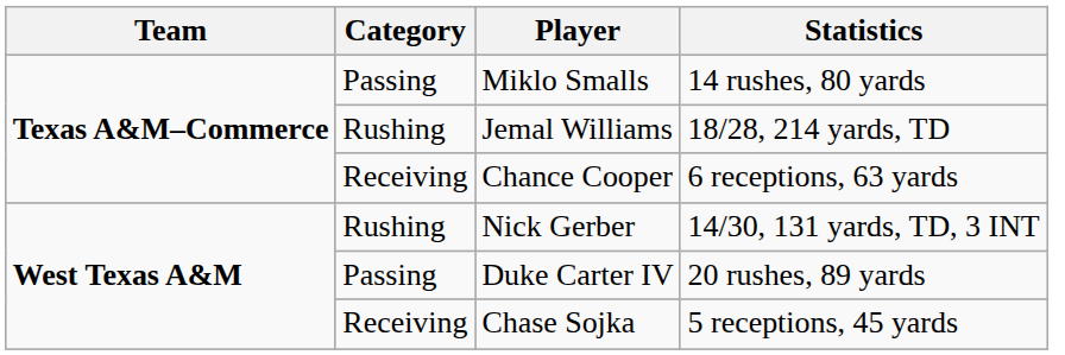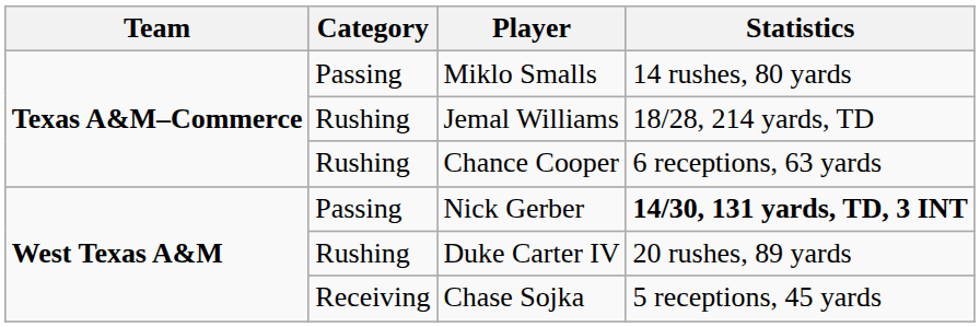 <table class="wikitable" style="float: left;">
 <tr>
 <th>Team</th>
 <th>Category</th>
 <th>Player</th>
 <th>Statistics</th>
 </tr>
 <tr>
 <td rowspan=3><strong>Texas A&M–Commerce</strong></td>
 <td>Passing</td>
 <td>Miklo Smalls</td>
 <td>14 rushes, 80 yards</td>
 </tr>
 <tr>
 <td>Rushing</td>
 <td>Jemal Williams</td>
 <td>18/28, 214 yards, TD</td>
 </tr>
 <tr>
-<td>Receiving</td>
+<td>Rushing</td>
 <td>Chance Cooper</td>
 <td>6 receptions, 63 yards</td>
 </tr>
 <tr>
 <td rowspan=3><strong>West Texas A&M</strong></td>
-<td>Rushing</td>
+<td>Passing</td>
 <td>Nick Gerber</td>
-<td>14/30, 131 yards, TD, 3 INT</td>
+<td><strong>14/30, 131 yards, TD, 3 INT</strong></td>
 </tr>
 <tr>
-<td>Passing</td>
+<td>Rushing</td>
 <td>Duke Carter IV</td>
 <td>20 rushes, 89 yards</td>
 </tr>
 <tr>
 <td>Receiving</td>
 <td>Chase Sojka</td>
 <td>5 receptions, 45 yards</td>
 </tr>
 </table>
